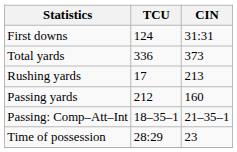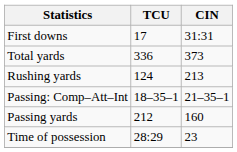 <table class="wikitable" style="float: left;">
 <tr>
 <th>Statistics</th>
 <th>TCU</th>
 <th>CIN</th>
 </tr>
 <tr>
 <td>First downs</td>
-<td>124</td>
+<td>17</td>
 <td>31:31</td>
 </tr>
 <tr>
 <td>Total yards</td>
 <td>336</td>
 <td>373</td>
 </tr>
 <tr>
 <td>Rushing yards</td>
-<td>17</td>
+<td>124</td>
 <td>213</td>
+</tr>
+<tr>
+<td>Passing: Comp–Att–Int</td>
+<td>18–35–1</td>
+<td>21–35–1</td>
 </tr>
 <tr>
 <td>Passing yards</td>
 <td>212</td>
 <td>160</td>
-</tr>
-<tr>
-<td>Passing: Comp–Att–Int</td>
-<td>18–35–1</td>
-<td>21–35–1</td>
 </tr>
 <tr>
 <td>Time of possession</td>
 <td>28:29</td>
 <td>23</td>
 </tr>
 <tr>
 </tr>
 </table>
